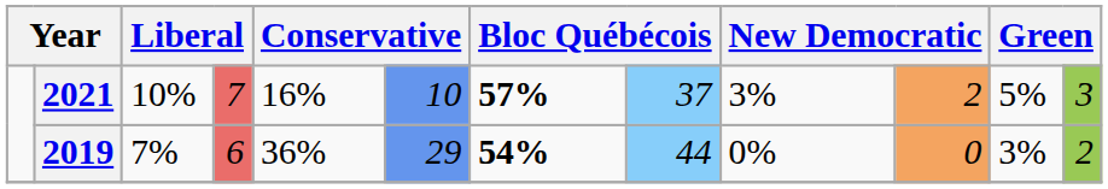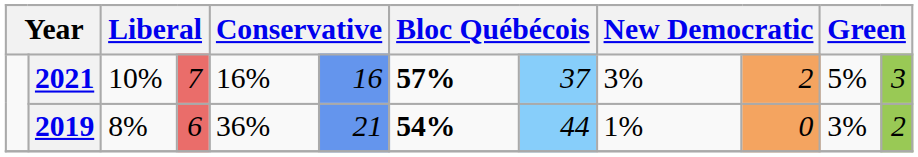 <table class="wikitable" style="width:400; font-size:90%; margin-left:1em;">
 <tr>
 <th colspan="2" scope="col">Year</th>
 <th colspan="2" scope="col"><a href='#'>Liberal</a></th>
 <th colspan="2" scope="col"><a href='#'>Conservative</a></th>
 <th colspan="2" scope="col"><a href='#'>Bloc Québécois</a></th>
 <th colspan="2" scope="col"><a href='#'>New Democratic</a></th>
 <th colspan="2" scope="col"><a href='#'>Green</a></th>
 </tr>
 <tr>
 <td rowspan="2" style="width: 0.25em; background-color: "></td>
 <th><a href='#'>2021</a></th>
 <td>10%</td>
 <td style="text-align:right; background:#EA6D6A;"><em>7</em></td>
 <td>16%</td>
-<td style="text-align:right; background:#6495ED;"><em>10</em></td>
+<td style="text-align:right; background:#6495ED;"><em>16</em></td>
 <td><strong>57%</strong></td>
 <td style="text-align:right; background:#87CEFA;"><em>37</em></td>
 <td>3%</td>
 <td style="text-align:right; background:#F4A460;"><em>2</em></td>
 <td>5%</td>
 <td style="text-align:right; background:#99C955;"><em>3</em></td>
 </tr>
 <tr>
 <th><a href='#'>2019</a></th>
-<td>7%</td>
+<td>8%</td>
 <td style="text-align:right; background:#EA6D6A;"><em>6</em></td>
 <td>36%</td>
-<td style="text-align:right; background:#6495ED;"><em>29</em></td>
+<td style="text-align:right; background:#6495ED;"><em>21</em></td>
 <td><strong>54%</strong></td>
 <td style="text-align:right; background:#87CEFA;"><em>44</em></td>
-<td>0%</td>
+<td>1%</td>
 <td style="text-align:right; background:#F4A460;"><em>0</em></td>
 <td>3%</td>
 <td style="text-align:right; background:#99C955;"><em>2</em></td>
 </tr>
 <tr>
 </tr>
 </table>
